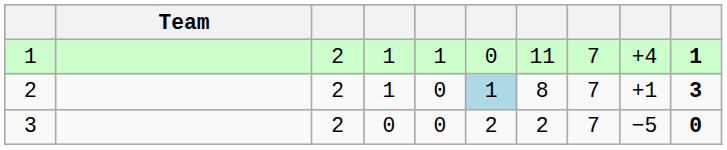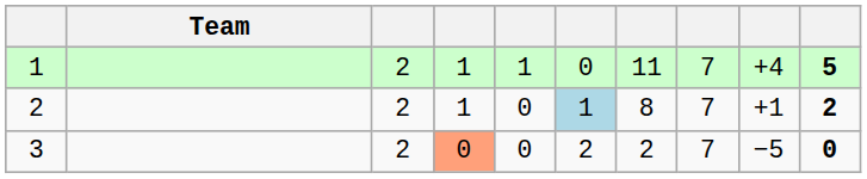 <table class="wikitable" style="text-align: center;">
 <tr>
 <th width="25"></th>
 <th width="150">Team</th>
 <th width="25"></th>
 <th width="25"></th>
 <th width="25"></th>
 <th width="25"></th>
 <th width="25"></th>
 <th width="25"></th>
 <th width="25"></th>
 <th width="25"></th>
 </tr>
 <tr align=center style="background:#ccffcc;">
 <td>1</td>
 <td style="text-align:left;"><strong></strong></td>
 <td>2</td>
 <td>1</td>
 <td>1</td>
 <td>0</td>
 <td>11</td>
 <td>7</td>
 <td>+4</td>
-<td><strong>1</strong></td>
+<td><strong>5</strong></td>
 </tr>
 <tr align=center>
 <td>2</td>
 <td style="text-align:left;"></td>
 <td>2</td>
 <td>1</td>
 <td>0</td>
 <td style="background: lightblue;">1</td>
 <td>8</td>
 <td>7</td>
 <td>+1</td>
-<td><strong>3</strong></td>
+<td><strong>2</strong></td>
 </tr>
 <tr align=center>
 <td>3</td>
 <td style="text-align:left;"></td>
 <td>2</td>
-<td>0</td>
+<td style="background: lightsalmon;">0</td>
 <td>0</td>
 <td>2</td>
 <td>2</td>
 <td>7</td>
 <td>−5</td>
 <td><strong>0</strong></td>
 </tr>
 </table>
